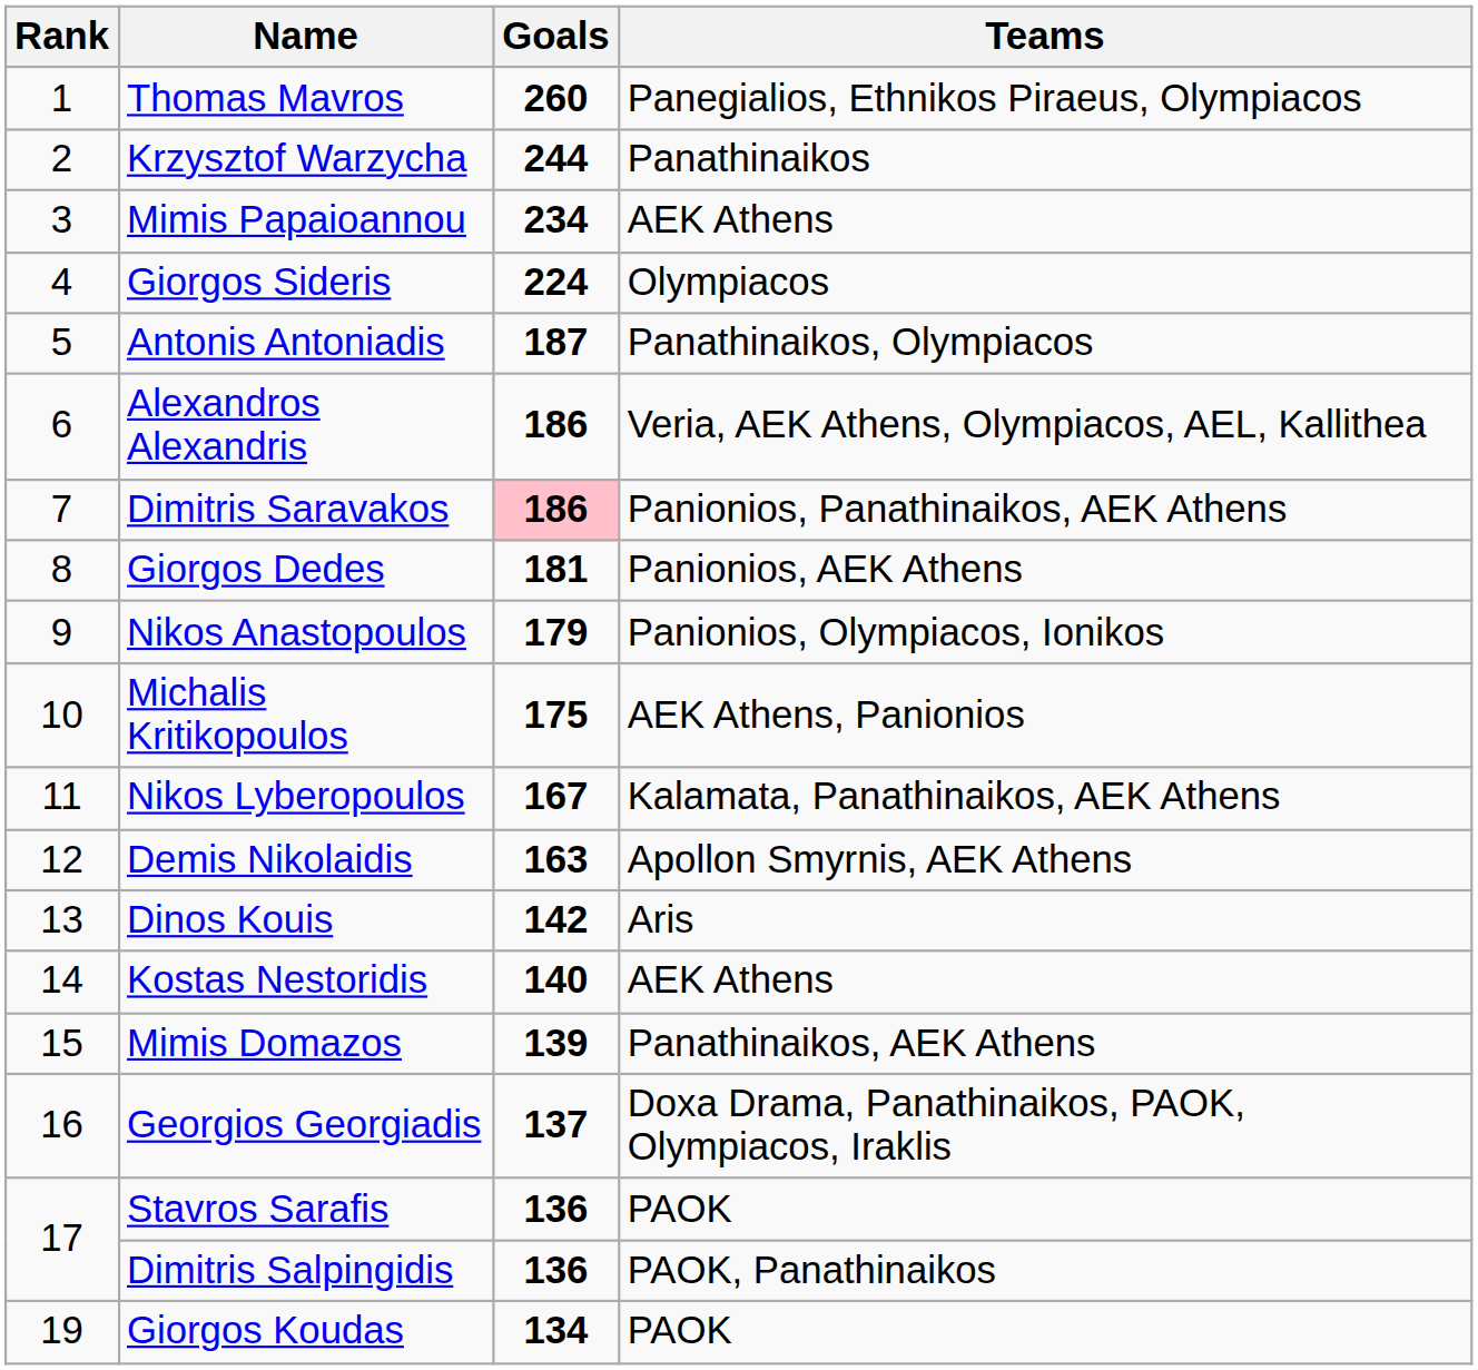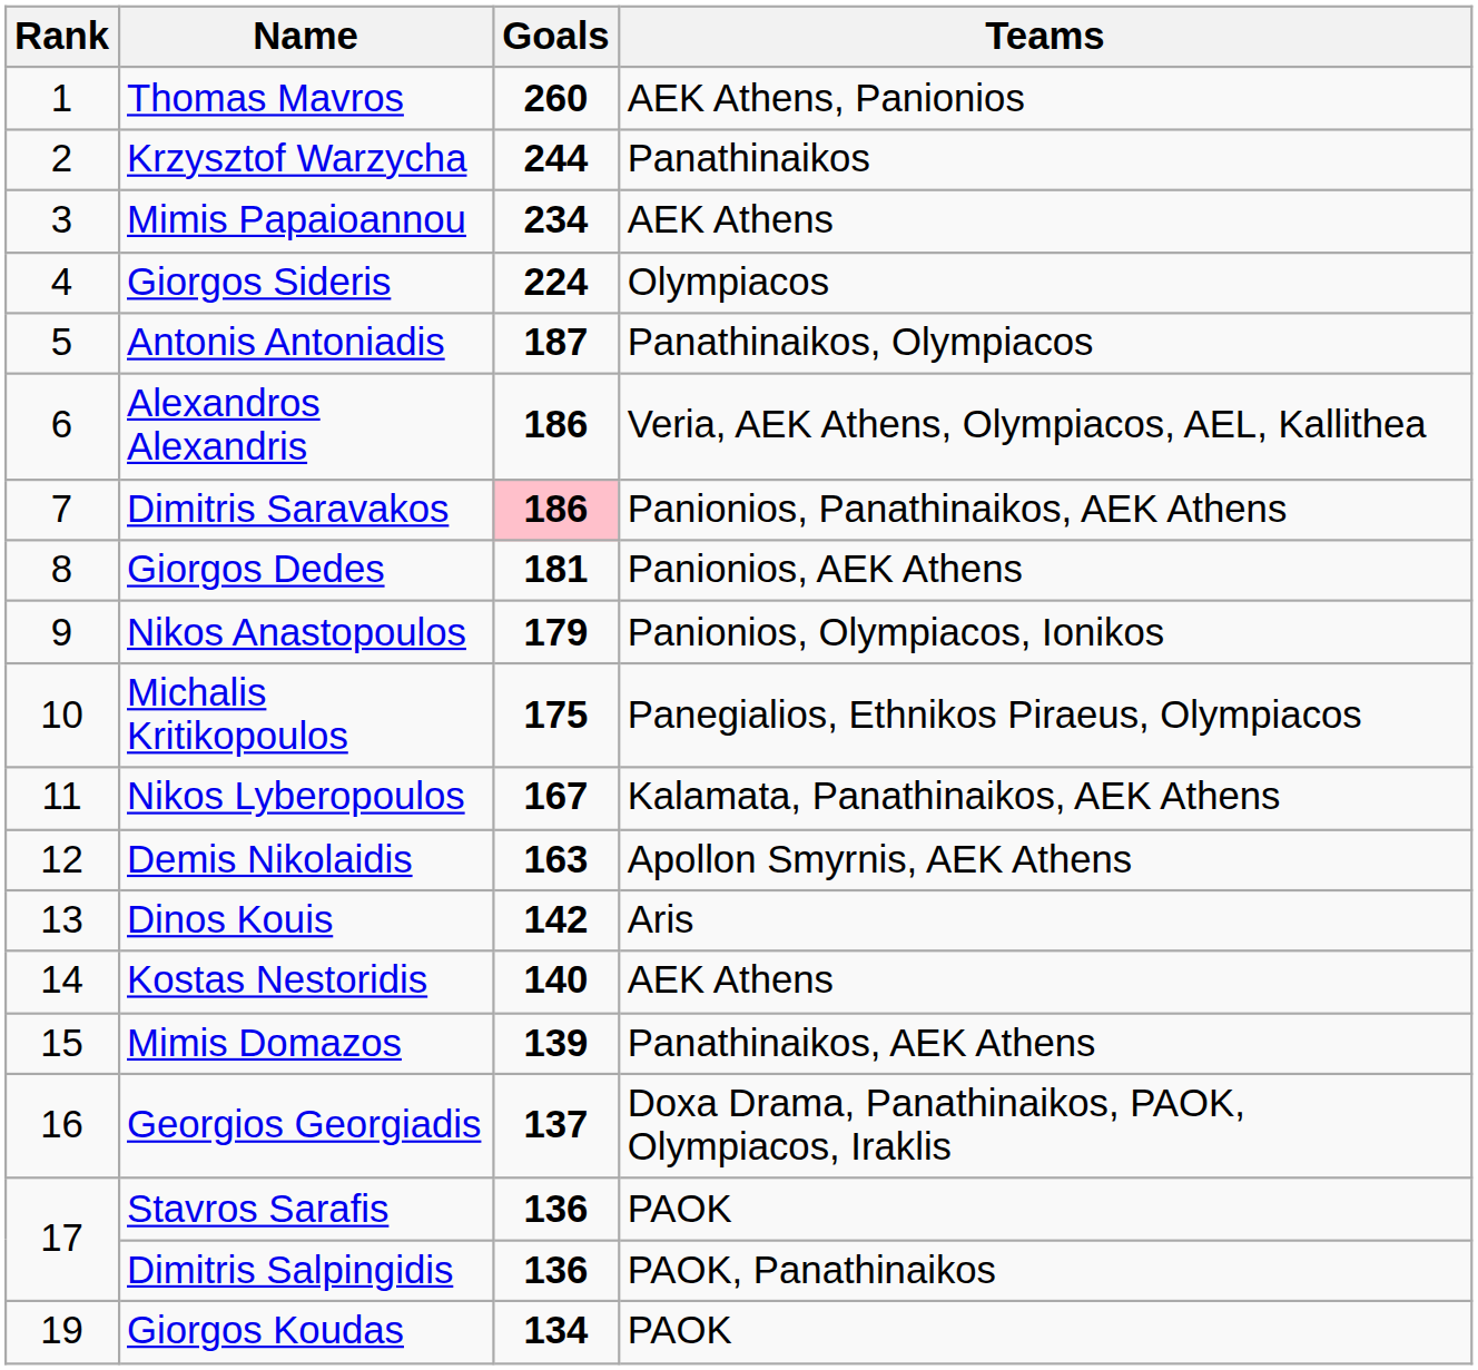 <table class="wikitable" style="text-align:center; display:inline-table;">
 <tr>
 <th>Rank</th>
 <th>Name</th>
 <th>Goals</th>
 <th>Teams</th>
 </tr>
 <tr>
 <td>1</td>
 <td style="text-align:left"><a href='#'>Thomas Mavros</a></td>
 <td><strong>260</strong></td>
-<td style="text-align:left">Panegialios, Ethnikos Piraeus, Olympiacos</td>
+<td style="text-align:left">AEK Athens, Panionios</td>
 </tr>
 <tr>
 <td>2</td>
 <td style="text-align:left"><a href='#'>Krzysztof Warzycha</a></td>
 <td><strong>244</strong></td>
 <td style="text-align:left">Panathinaikos</td>
 </tr>
 <tr>
 <td>3</td>
 <td style="text-align:left"><a href='#'>Mimis Papaioannou</a></td>
 <td><strong>234</strong></td>
 <td style="text-align:left">AEK Athens</td>
 </tr>
 <tr>
 <td>4</td>
 <td style="text-align:left"><a href='#'>Giorgos Sideris</a></td>
 <td><strong>224</strong></td>
 <td style="text-align:left">Olympiacos</td>
 </tr>
 <tr>
 <td>5</td>
 <td style="text-align:left"><a href='#'>Antonis Antoniadis</a></td>
 <td><strong>187</strong></td>
 <td style="text-align:left">Panathinaikos, Olympiacos</td>
 </tr>
 <tr>
 <td>6</td>
 <td style="text-align:left"><a href='#'>Alexandros Alexandris</a></td>
 <td><strong>186</strong></td>
 <td style="text-align:left">Veria, AEK Athens, Olympiacos, AEL, Kallithea</td>
 </tr>
 <tr>
 <td>7</td>
 <td style="text-align:left"><a href='#'>Dimitris Saravakos</a></td>
 <td style="background: pink;"><strong>186</strong></td>
 <td style="text-align:left">Panionios, Panathinaikos, AEK Athens</td>
 </tr>
 <tr>
 <td>8</td>
 <td style="text-align:left"><a href='#'>Giorgos Dedes</a></td>
 <td><strong>181</strong></td>
 <td style="text-align:left">Panionios, AEK Athens</td>
 </tr>
 <tr>
 <td>9</td>
 <td style="text-align:left"><a href='#'>Nikos Anastopoulos</a></td>
 <td><strong>179</strong></td>
 <td style="text-align:left">Panionios, Olympiacos, Ionikos</td>
 </tr>
 <tr>
 <td>10</td>
 <td style="text-align:left"><a href='#'>Michalis Kritikopoulos</a></td>
 <td><strong>175</strong></td>
-<td style="text-align:left">AEK Athens, Panionios</td>
+<td style="text-align:left">Panegialios, Ethnikos Piraeus, Olympiacos</td>
 </tr>
 <tr>
 <td>11</td>
 <td style="text-align:left"><a href='#'>Nikos Lyberopoulos</a></td>
 <td><strong>167</strong></td>
 <td style="text-align:left">Kalamata, Panathinaikos, AEK Athens</td>
 </tr>
 <tr>
 <td>12</td>
 <td style="text-align:left"><a href='#'>Demis Nikolaidis</a></td>
 <td><strong>163</strong></td>
 <td style="text-align:left">Apollon Smyrnis, AEK Athens</td>
 </tr>
 <tr>
 <td>13</td>
 <td style="text-align:left"><a href='#'>Dinos Kouis</a></td>
 <td><strong>142</strong></td>
 <td style="text-align:left">Aris</td>
 </tr>
 <tr>
 <td>14</td>
 <td style="text-align:left"><a href='#'>Kostas Nestoridis</a></td>
 <td><strong>140</strong></td>
 <td style="text-align:left">AEK Athens</td>
 </tr>
 <tr>
 <td>15</td>
 <td style="text-align:left"><a href='#'>Mimis Domazos</a></td>
 <td><strong>139</strong></td>
 <td style="text-align:left">Panathinaikos, AEK Athens</td>
 </tr>
 <tr>
 <td>16</td>
 <td style="text-align:left"><a href='#'>Georgios Georgiadis</a></td>
 <td><strong>137</strong></td>
 <td style="text-align:left">Doxa Drama, Panathinaikos, PAOK, Olympiacos, Iraklis</td>
 </tr>
 <tr>
 <td rowspan="2">17</td>
 <td style="text-align:left"><a href='#'>Stavros Sarafis</a></td>
 <td><strong>136</strong></td>
 <td style="text-align:left">PAOK</td>
 </tr>
 <tr>
 <td style="text-align:left"><a href='#'>Dimitris Salpingidis</a></td>
 <td><strong>136</strong></td>
 <td style="text-align:left">PAOK, Panathinaikos</td>
 </tr>
 <tr>
 <td>19</td>
 <td style="text-align:left"><a href='#'>Giorgos Koudas</a></td>
 <td><strong>134</strong></td>
 <td style="text-align:left">PAOK</td>
 </tr>
 </table>
